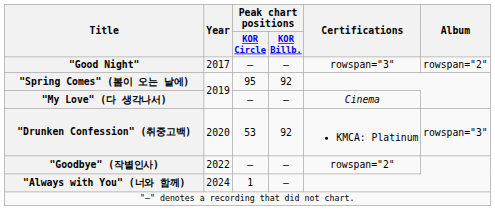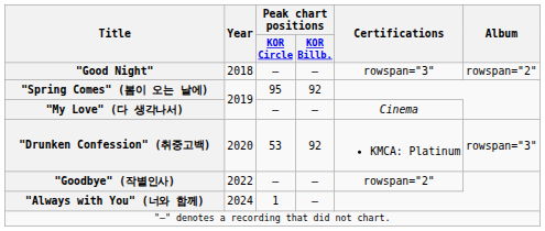 <table class="wikitable plainrowheaders" style="text-align:center;">
 <tr>
 <th scope="col" rowspan="2" style="width:20em;">Title</th>
 <th scope="col" rowspan="2">Year</th>
 <th scope="col" colspan="2">Peak chart positions</th>
 <th scope="col" rowspan="2">Certifications</th>
 <th scope="col" rowspan="2">Album</th>
 </tr>
 <tr>
 <th scope="col" style="width:2.5em;font-size:90%"><a href='#'>KOR<br>Circle</a><br></th>
 <th scope="col" style="width:2.5em;font-size:90%"><a href='#'>KOR<br>Billb.</a><br></th>
 </tr>
 <tr>
 <th scope="row">"Good Night"</th>
-<td>2017</td>
+<td>2018</td>
 <td>—</td>
 <td>—</td>
 <td>rowspan="3" </td>
 <td>rowspan="2" </td>
 </tr>
 <tr>
 <th scope="row">"Spring Comes" (봄이 오는 날에)</th>
 <td rowspan="2">2019</td>
 <td>95</td>
 <td>92</td>
 </tr>
 <tr>
 <th scope="row">"My Love" (다 생각나서)</th>
 <td>—</td>
 <td>—</td>
 <td><em>Cinema</em></td>
 </tr>
 <tr>
 <th scope="row">"Drunken Confession" (취중고백)</th>
 <td>2020</td>
 <td>53</td>
 <td>92</td>
 <td><br><ul><li>KMCA: Platinum </li></ul></td>
 <td>rowspan="3" </td>
 </tr>
 <tr>
 <th scope="row">"Goodbye" (작별인사)</th>
 <td>2022</td>
 <td>—</td>
 <td>—</td>
 <td>rowspan="2" </td>
 </tr>
 <tr>
 <th scope="row">"Always with You" (너와 함께)</th>
 <td>2024</td>
 <td>1</td>
 <td>—</td>
 </tr>
 <tr>
 <td colspan="6" style="font-size:85%">"—" denotes a recording that did not chart.</td>
 </tr>
 </table>
